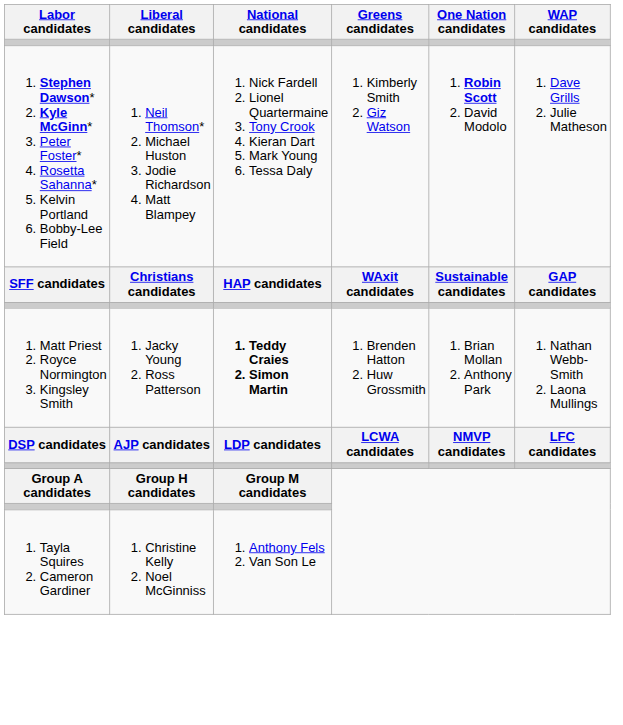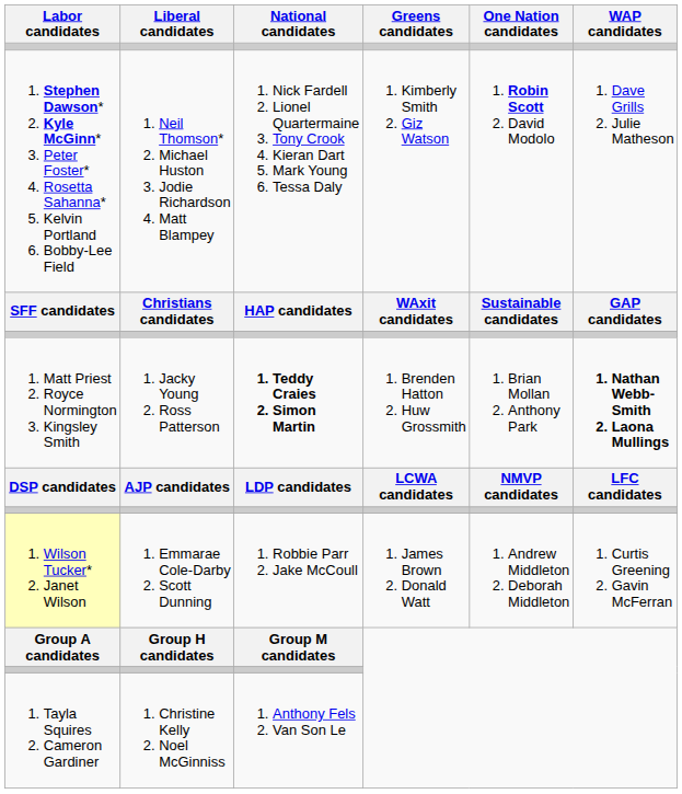 <table class="wikitable">
 <tr>
 <th><a href='#'>Labor</a> candidates</th>
 <th><a href='#'>Liberal</a> candidates</th>
 <th><a href='#'>National</a> candidates</th>
 <th><a href='#'>Greens</a> candidates</th>
 <th><a href='#'>One Nation</a> candidates</th>
 <th><a href='#'>WAP</a> candidates</th>
 </tr>
 <tr bgcolor="#cccccc">
 <td></td>
 <td></td>
 <td></td>
 <td></td>
 <td></td>
 <td></td>
 </tr>
 <tr>
 <td><br><ol><li><strong><a href='#'>Stephen Dawson</a></strong>*</li><li><strong><a href='#'>Kyle McGinn</a></strong>*</li><li><a href='#'>Peter Foster</a>*</li><li><a href='#'>Rosetta Sahanna</a>*</li><li>Kelvin Portland</li><li>Bobby-Lee Field</li></ol></td>
 <td><br><ol><li><a href='#'>Neil Thomson</a>*</li><li>Michael Huston</li><li>Jodie Richardson</li><li>Matt Blampey</li></ol></td>
 <td valign=top><br><ol><li>Nick Fardell</li><li>Lionel Quartermaine</li><li><a href='#'>Tony Crook</a></li><li>Kieran Dart</li><li>Mark Young</li><li>Tessa Daly</li></ol></td>
 <td valign=top><br><ol><li>Kimberly Smith</li><li><a href='#'>Giz Watson</a></li></ol></td>
 <td valign=top><br><ol><li><strong><a href='#'>Robin Scott</a></strong></li><li>David Modolo</li></ol></td>
 <td valign=top><br><ol><li><a href='#'>Dave Grills</a></li><li>Julie Matheson</li></ol></td>
 </tr>
 <tr bgcolor="#cccccc">
 <th><a href='#'>SFF</a> candidates</th>
 <th><a href='#'>Christians</a> candidates</th>
 <th><a href='#'>HAP</a> candidates</th>
 <th><a href='#'>WAxit</a> candidates</th>
 <th><a href='#'>Sustainable</a> candidates</th>
 <th><a href='#'>GAP</a> candidates</th>
 </tr>
 <tr bgcolor="#cccccc">
 <td></td>
 <td></td>
 <td></td>
 <td></td>
 <td></td>
 <td></td>
 </tr>
 <tr>
 <td valign=top><br><ol><li>Matt Priest</li><li>Royce Normington</li><li>Kingsley Smith</li></ol></td>
 <td valign=top><br><ol><li>Jacky Young</li><li>Ross Patterson</li></ol></td>
 <td valign=top><strong><br><ol><li>Teddy Craies</li><li>Simon Martin</li></ol></strong></td>
 <td valign=top><br><ol><li>Brenden Hatton</li><li>Huw Grossmith</li></ol></td>
 <td valign=top><br><ol><li>Brian Mollan</li><li>Anthony Park</li></ol></td>
-<td valign=top><br><ol><li>Nathan Webb-Smith</li><li>Laona Mullings</li></ol></td>
+<td valign=top><strong><br><ol><li>Nathan Webb-Smith</li><li>Laona Mullings</li></ol></strong></td>
 </tr>
 <tr bgcolor="#cccccc">
 <th><a href='#'>DSP</a> candidates</th>
 <th><a href='#'>AJP</a> candidates</th>
 <th><a href='#'>LDP</a> candidates</th>
 <th><a href='#'>LCWA</a> candidates</th>
 <th><a href='#'>NMVP</a> candidates</th>
 <th><a href='#'>LFC</a> candidates</th>
 </tr>
 <tr bgcolor="#cccccc">
 <td></td>
 <td></td>
 <td></td>
 <td></td>
 <td></td>
 <td></td>
 </tr>
+<tr>
+<td style="background:#FFFFBB" valign=top><br><ol><li><a href='#'>Wilson Tucker</a>*</li><li>Janet Wilson</li></ol></td>
+<td valign=top><br><ol><li>Emmarae Cole-Darby</li><li>Scott Dunning</li></ol></td>
+<td valign=top><br><ol><li>Robbie Parr</li><li>Jake McCoull</li></ol></td>
+<td valign=top><br><ol><li>James Brown</li><li>Donald Watt</li></ol></td>
+<td valign=top><br><ol><li>Andrew Middleton</li><li>Deborah Middleton</li></ol></td>
+<td valign=top><br><ol><li>Curtis Greening</li><li>Gavin McFerran</li></ol></td>
+</tr>
 <tr bgcolor="#cccccc">
 <th>Group A candidates</th>
 <th>Group H candidates</th>
 <th>Group M candidates</th>
 </tr>
 <tr bgcolor="#cccccc">
 <td></td>
 <td></td>
 <td></td>
 </tr>
 <tr>
 <td valign=top><br><ol><li>Tayla Squires</li><li>Cameron Gardiner</li></ol></td>
 <td valign=top><br><ol><li>Christine Kelly</li><li>Noel McGinniss</li></ol></td>
 <td valign=top><br><ol><li><a href='#'>Anthony Fels</a></li><li>Van Son Le</li></ol></td>
 </tr>
 </table>
